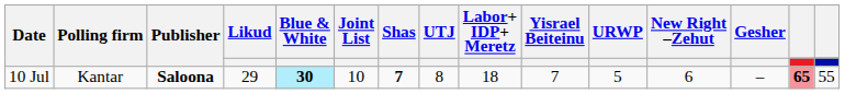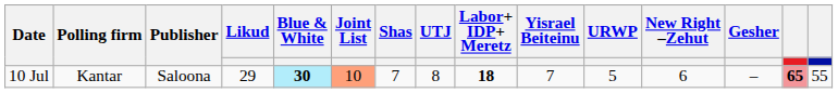 <table class="wikitable sortable" style="text-align:center;font-size:90%;line-height:13px">
 <tr>
 <th rowspan="2">Date</th>
 <th rowspan="2">Polling firm</th>
 <th rowspan="2">Publisher</th>
 <th><a href='#'>Likud</a></th>
 <th><a href='#'>Blue &<br>White</a></th>
 <th><a href='#'>Joint<br>List</a></th>
 <th><a href='#'>Shas</a></th>
 <th><a href='#'>UTJ</a></th>
 <th><a href='#'>Labor</a>+<br><a href='#'>IDP</a>+<br><a href='#'>Meretz</a></th>
 <th><a href='#'>Yisrael<br>Beiteinu</a></th>
 <th><a href='#'>URWP</a></th>
 <th><a href='#'>New Right</a><br>–<a href='#'>Zehut</a></th>
 <th><a href='#'>Gesher</a></th>
 <th></th>
 <th></th>
 </tr>
 <tr>
 <th style="background:"></th>
 <th style="background:"></th>
 <th style="background:"></th>
 <th style="background:"></th>
 <th style="background:"></th>
 <th style="background:"></th>
 <th style="background:"></th>
 <th style="background:"></th>
 <th style="background:"></th>
 <th style="background:"></th>
 <th style="background:#E81B23;"></th>
 <th style="background:#000EA3;"></th>
 </tr>
 <tr>
 <td data-sort-value="2019-07-10">10 Jul</td>
 <td>Kantar</td>
-<td><strong>Saloona</strong></td>
+<td>Saloona</td>
 <td>29					</td>
 <td style="background:#B2EDFB"><strong>30</strong>	</td>
-<td>10					</td>
-<td><strong>7					</strong></td>
+<td style="background: lightsalmon;">10					</td>
+<td>7					</td>
 <td>8					</td>
-<td>18					</td>
+<td><strong>18					</strong></td>
 <td>7					</td>
 <td>5					</td>
 <td>6					</td>
 <td>–					</td>
 <td style="background:#F4959A"><strong>65</strong>	</td>
 <td>55					</td>
 </tr>
 </table>
